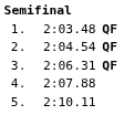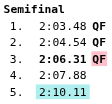 <table style="text-align:center">
 <tr>
 <td colspan=4 align=left><strong>Semifinal</strong></td>
 </tr>
 <tr>
 <td width=30>1.</td>
 <td align=left></td>
 <td width=60>2:03.48</td>
 <td><strong>QF</strong></td>
 </tr>
 <tr>
 <td>2.</td>
 <td align=left></td>
 <td>2:04.54</td>
 <td><strong>QF</strong></td>
 </tr>
 <tr>
 <td>3.</td>
 <td align=left></td>
-<td>2:06.31</td>
-<td><strong>QF</strong></td>
+<td><strong>2:06.31</strong></td>
+<td style="background: pink;"><strong>QF</strong></td>
 </tr>
 <tr>
 <td>4.</td>
 <td align=left></td>
 <td>2:07.88</td>
 <td></td>
 </tr>
 <tr>
 <td>5.</td>
 <td align=left></td>
-<td>2:10.11</td>
+<td style="background: paleturquoise;">2:10.11</td>
 <td></td>
 </tr>
 </table>
